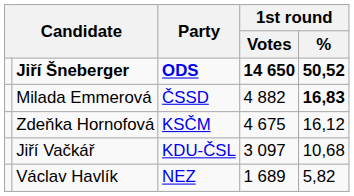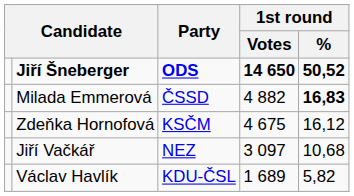 <table class="wikitable sortable">
 <tr>
 <th colspan="2" rowspan="2">Candidate</th>
 <th rowspan="2">Party</th>
 <th colspan="2">1st round</th>
 </tr>
 <tr>
 <th>Votes</th>
 <th>%</th>
 </tr>
 <tr>
 <td style="background-color:"></td>
 <td><strong>Jiří Šneberger</strong></td>
 <td><a href='#'><strong>ODS</strong></a></td>
 <td><strong>14 650</strong></td>
 <td><strong>50,52</strong></td>
 </tr>
 <tr>
 <td style="background-color:"></td>
 <td>Milada Emmerová</td>
 <td><a href='#'>ČSSD</a></td>
 <td>4 882</td>
 <td><strong>16,83</strong></td>
 </tr>
 <tr>
 <td style="background-color:"></td>
 <td>Zdeňka Hornofová</td>
 <td><a href='#'>KSČM</a></td>
 <td>4 675</td>
 <td>16,12</td>
 </tr>
 <tr>
 <td style="background-color:"></td>
 <td>Jiří Vačkář</td>
-<td><a href='#'>KDU-ČSL</a></td>
+<td><a href='#'>NEZ</a></td>
 <td>3 097</td>
 <td>10,68</td>
 </tr>
 <tr>
 <td style="background-color:"></td>
 <td>Václav Havlík</td>
-<td><a href='#'>NEZ</a></td>
+<td><a href='#'>KDU-ČSL</a></td>
 <td>1 689</td>
 <td>5,82</td>
 </tr>
 </table>
